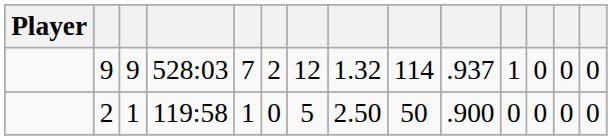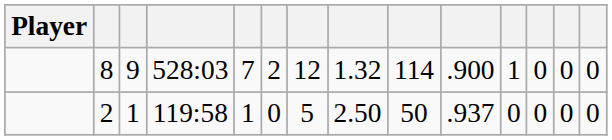 <table class="wikitable sortable" style="text-align:center;">
 <tr>
 <th>Player</th>
 <th></th>
 <th></th>
 <th></th>
 <th></th>
 <th></th>
 <th></th>
 <th></th>
 <th></th>
 <th></th>
 <th></th>
 <th></th>
 <th></th>
 <th></th>
 </tr>
 <tr>
 <td></td>
-<td>9</td>
+<td>8</td>
 <td>9</td>
 <td>528:03</td>
 <td>7</td>
 <td>2</td>
 <td>12</td>
 <td>1.32</td>
 <td>114</td>
-<td>.937</td>
+<td>.900</td>
 <td>1</td>
 <td>0</td>
 <td>0</td>
 <td>0</td>
 </tr>
 <tr>
 <td></td>
 <td>2</td>
 <td>1</td>
 <td>119:58</td>
 <td>1</td>
 <td>0</td>
 <td>5</td>
 <td>2.50</td>
 <td>50</td>
-<td>.900</td>
+<td>.937</td>
 <td>0</td>
 <td>0</td>
 <td>0</td>
 <td>0</td>
 </tr>
 </table>
